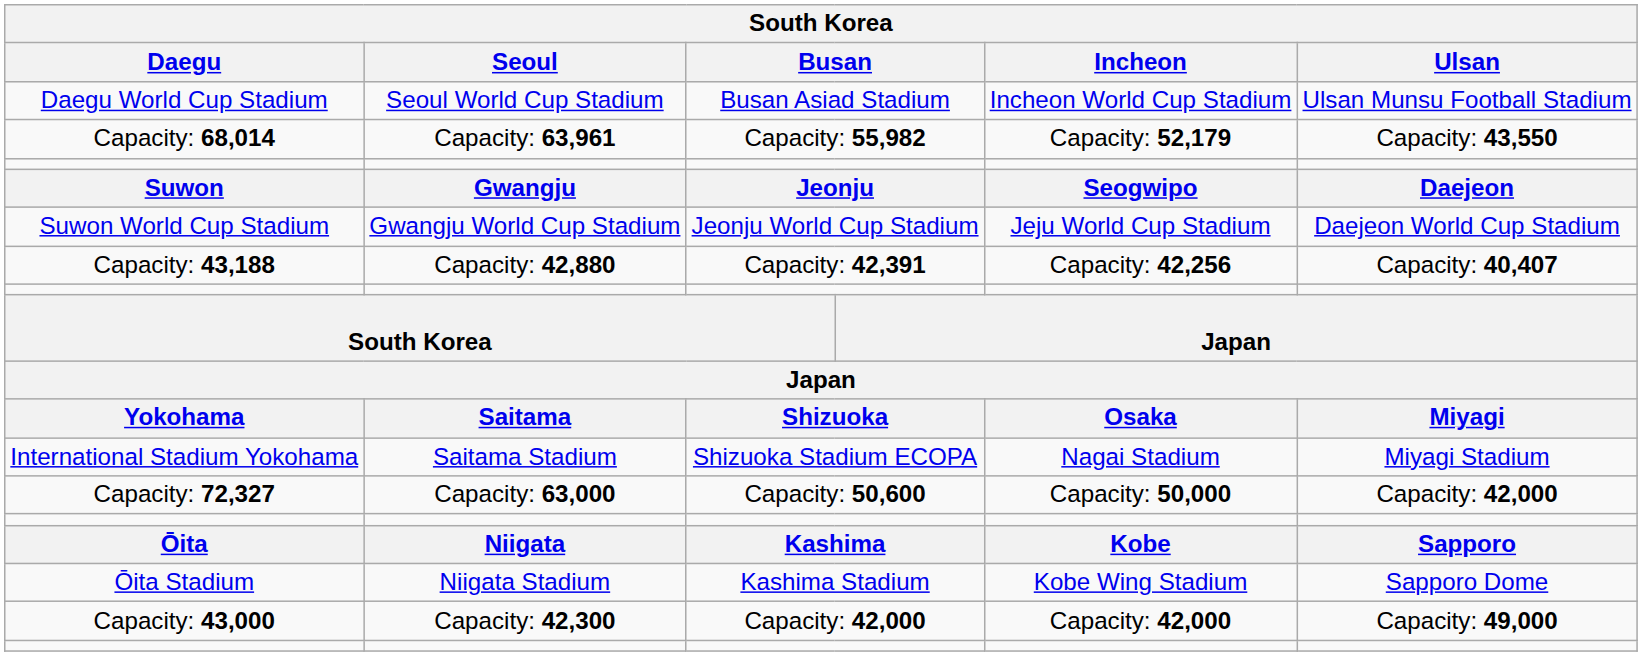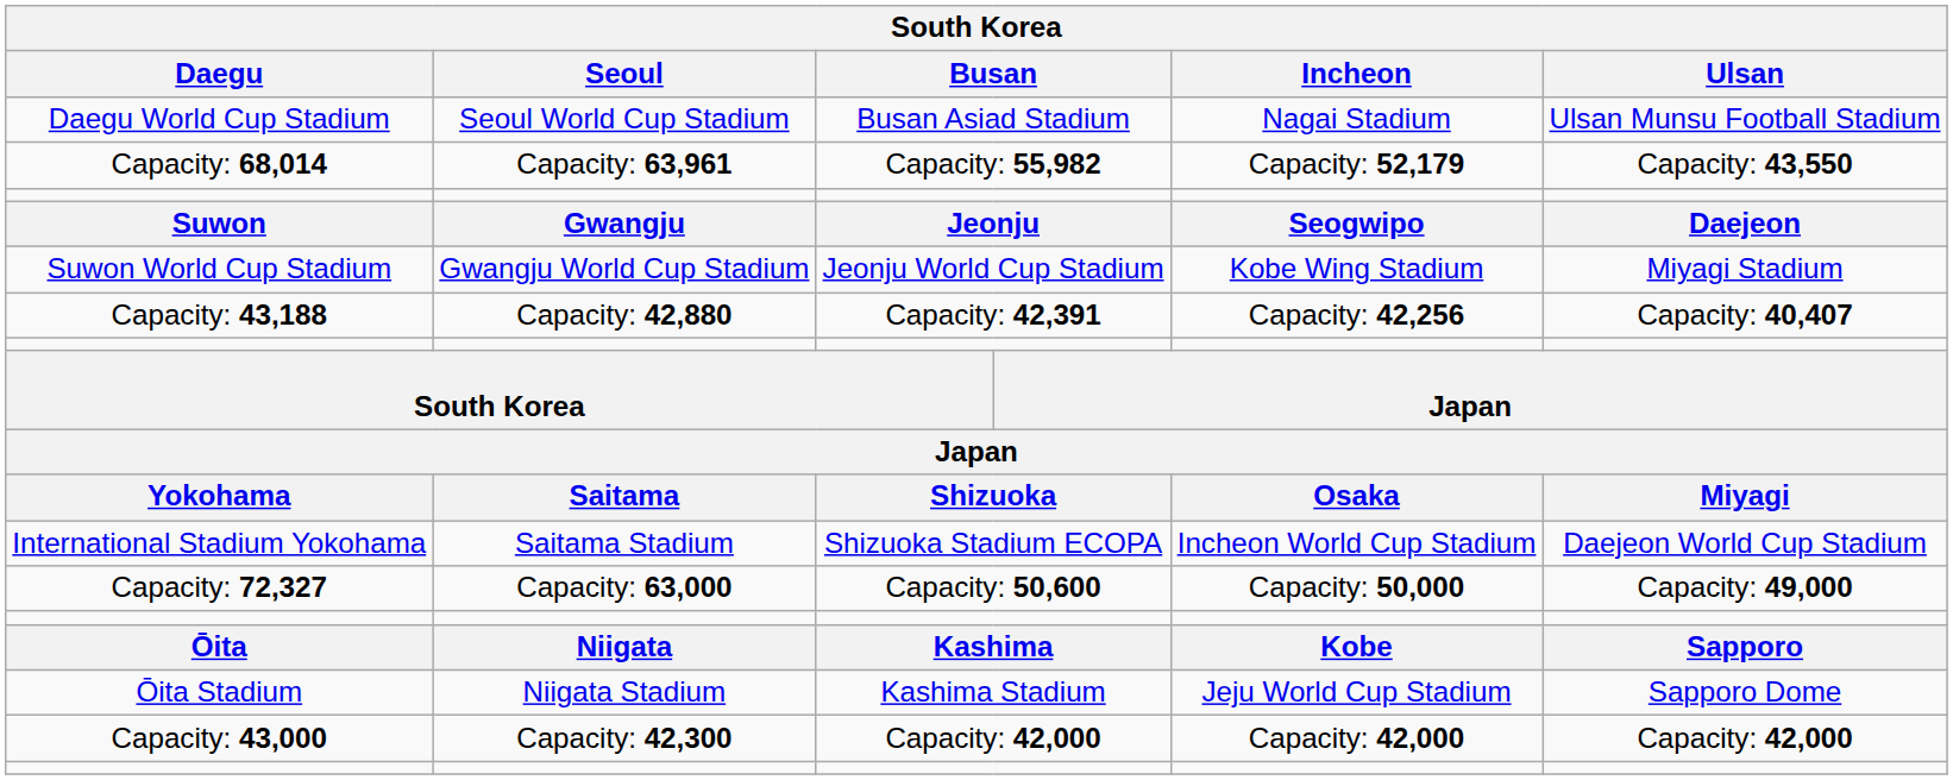 <table class="wikitable" style="text-align:center">
 <tr>
 <th colspan=6> South Korea</th>
 </tr>
 <tr>
 <th><a href='#'>Daegu</a></th>
 <th><a href='#'>Seoul</a></th>
 <th colspan="2"><a href='#'>Busan</a></th>
 <th><a href='#'>Incheon</a></th>
 <th><a href='#'>Ulsan</a></th>
 </tr>
 <tr>
 <td><a href='#'>Daegu World Cup Stadium</a></td>
 <td><a href='#'>Seoul World Cup Stadium</a></td>
 <td colspan="2"><a href='#'>Busan Asiad Stadium</a></td>
-<td><a href='#'>Incheon World Cup Stadium</a></td>
+<td><a href='#'>Nagai Stadium</a></td>
 <td><a href='#'>Ulsan Munsu Football Stadium</a></td>
 </tr>
 <tr>
 <td>Capacity: <strong>68,014</strong></td>
 <td>Capacity: <strong>63,961</strong></td>
 <td colspan="2">Capacity: <strong>55,982</strong></td>
 <td>Capacity: <strong>52,179</strong></td>
 <td>Capacity: <strong>43,550</strong></td>
 </tr>
 <tr>
 <td></td>
 <td></td>
 <td colspan="2"></td>
 <td></td>
 <td></td>
 </tr>
 <tr>
 <th><a href='#'>Suwon</a></th>
 <th><a href='#'>Gwangju</a></th>
 <th colspan="2"><a href='#'>Jeonju</a></th>
 <th><a href='#'>Seogwipo</a></th>
 <th><a href='#'>Daejeon</a></th>
 </tr>
 <tr>
 <td><a href='#'>Suwon World Cup Stadium</a></td>
 <td><a href='#'>Gwangju World Cup Stadium</a></td>
 <td colspan="2"><a href='#'>Jeonju World Cup Stadium</a></td>
-<td><a href='#'>Jeju World Cup Stadium</a></td>
-<td><a href='#'>Daejeon World Cup Stadium</a></td>
+<td><a href='#'>Kobe Wing Stadium</a></td>
+<td><a href='#'>Miyagi Stadium</a></td>
 </tr>
 <tr>
 <td>Capacity: <strong>43,188</strong></td>
 <td>Capacity: <strong>42,880</strong></td>
 <td colspan="2">Capacity: <strong>42,391</strong></td>
 <td>Capacity: <strong>42,256</strong></td>
 <td>Capacity: <strong>40,407</strong></td>
 </tr>
 <tr>
 <td></td>
 <td></td>
 <td colspan="2"></td>
 <td></td>
 <td></td>
 </tr>
 <tr>
 <th colspan="3"><br>South Korea </th>
 <th colspan="3"><br>Japan </th>
 </tr>
 <tr>
 <th colspan=6> Japan</th>
 </tr>
 <tr>
 <th><a href='#'>Yokohama</a></th>
 <th><a href='#'>Saitama</a></th>
 <th colspan="2"><a href='#'>Shizuoka</a></th>
 <th><a href='#'>Osaka</a></th>
 <th><a href='#'>Miyagi</a></th>
 </tr>
 <tr>
 <td><a href='#'>International Stadium Yokohama</a></td>
 <td><a href='#'>Saitama Stadium</a></td>
 <td colspan="2"><a href='#'>Shizuoka Stadium ECOPA</a></td>
-<td><a href='#'>Nagai Stadium</a></td>
-<td><a href='#'>Miyagi Stadium</a></td>
+<td><a href='#'>Incheon World Cup Stadium</a></td>
+<td><a href='#'>Daejeon World Cup Stadium</a></td>
 </tr>
 <tr>
 <td>Capacity: <strong>72,327</strong></td>
 <td>Capacity: <strong>63,000</strong></td>
 <td colspan="2">Capacity: <strong>50,600</strong></td>
 <td>Capacity: <strong>50,000</strong></td>
-<td>Capacity: <strong>42,000</strong></td>
+<td>Capacity: <strong>49,000</strong></td>
 </tr>
 <tr>
 <td></td>
 <td></td>
 <td colspan="2"></td>
 <td></td>
 <td></td>
 </tr>
 <tr>
 <th><a href='#'>Ōita</a></th>
 <th><a href='#'>Niigata</a></th>
 <th colspan="2"><a href='#'>Kashima</a></th>
 <th><a href='#'>Kobe</a></th>
 <th><a href='#'>Sapporo</a></th>
 </tr>
 <tr>
 <td><a href='#'>Ōita Stadium</a></td>
 <td><a href='#'>Niigata Stadium</a></td>
 <td colspan="2"><a href='#'>Kashima Stadium</a></td>
-<td><a href='#'>Kobe Wing Stadium</a></td>
+<td><a href='#'>Jeju World Cup Stadium</a></td>
 <td><a href='#'>Sapporo Dome</a></td>
 </tr>
 <tr>
 <td>Capacity: <strong>43,000</strong></td>
 <td>Capacity: <strong>42,300</strong></td>
 <td colspan="2">Capacity: <strong>42,000</strong></td>
 <td>Capacity: <strong>42,000</strong></td>
-<td>Capacity: <strong>49,000</strong></td>
+<td>Capacity: <strong>42,000</strong></td>
 </tr>
 <tr>
 <td></td>
 <td></td>
 <td colspan="2"></td>
 <td></td>
 <td></td>
 </tr>
 </table>
